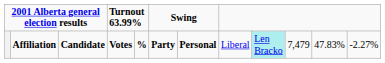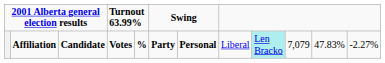 <table class="wikitable">
 <tr>
 <td colspan="3" align=center><strong><a href='#'>2001 Alberta general election</a> results</strong></td>
 <td colspan="2"><strong>Turnout 63.99%</strong></td>
 <td colspan="2" align=center><strong>Swing</strong></td>
 </tr>
 <tr>
 <th style="width: 10px;"></th>
 <td><strong>Affiliation</strong></td>
 <td><strong>Candidate</strong></td>
 <td><strong>Votes</strong></td>
 <td><strong>%</strong></td>
 <td><strong>Party</strong></td>
 <td><strong>Personal</strong><br> </td>
 <td><a href='#'>Liberal</a></td>
 <td style="background: paleturquoise;"><a href='#'>Len Bracko</a></td>
-<td>7,479</td>
+<td>7,079</td>
 <td>47.83%</td>
 <td colspan=2 align=center>-2.27%<br>    </td>
 </tr>
 </table>
